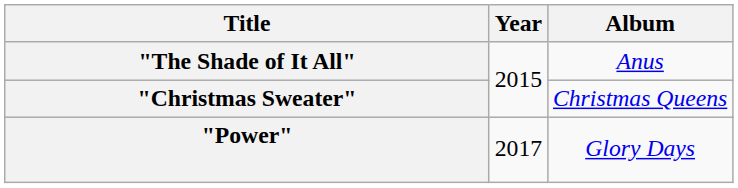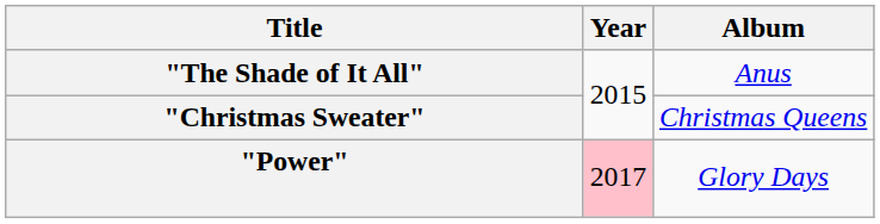 <table class="wikitable plainrowheaders" style="text-align:center;">
 <tr>
 <th style="width:20em;">Title</th>
 <th>Year</th>
 <th>Album</th>
 </tr>
 <tr>
 <th scope="row">"The Shade of It All"<br></th>
 <td rowspan="2">2015</td>
 <td><em><a href='#'>Anus</a></em></td>
 </tr>
 <tr>
 <th scope="row">"Christmas Sweater"<br></th>
 <td><em><a href='#'>Christmas Queens</a></em></td>
 </tr>
 <tr>
 <th scope="row">"Power"<br><br></th>
-<td rowspan="1">2017</td>
+<td rowspan="1" style="background: pink;">2017</td>
 <td><em><a href='#'>Glory Days</a></em></td>
 </tr>
 </table>
